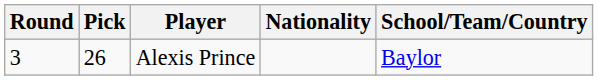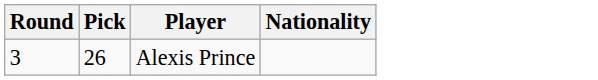 <table class="wikitable">
 <tr>
 <th>Round</th>
 <th>Pick</th>
 <th>Player</th>
 <th>Nationality</th>
-<th>School/Team/Country</th>
 </tr>
 <tr>
 <td>3</td>
 <td>26</td>
 <td>Alexis Prince</td>
 <td></td>
-<td><a href='#'>Baylor</a></td>
 </tr>
 </table>
